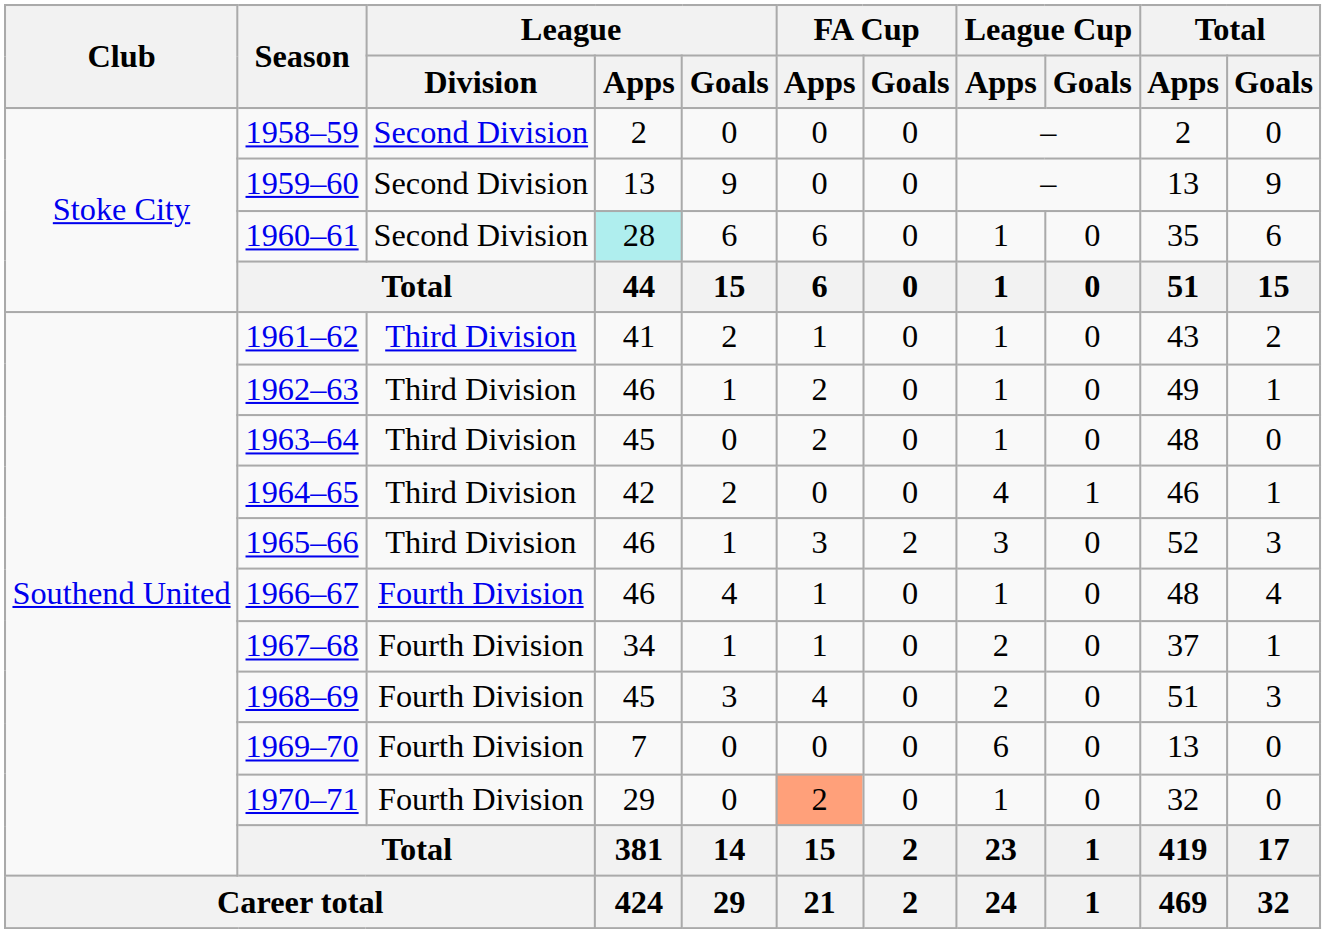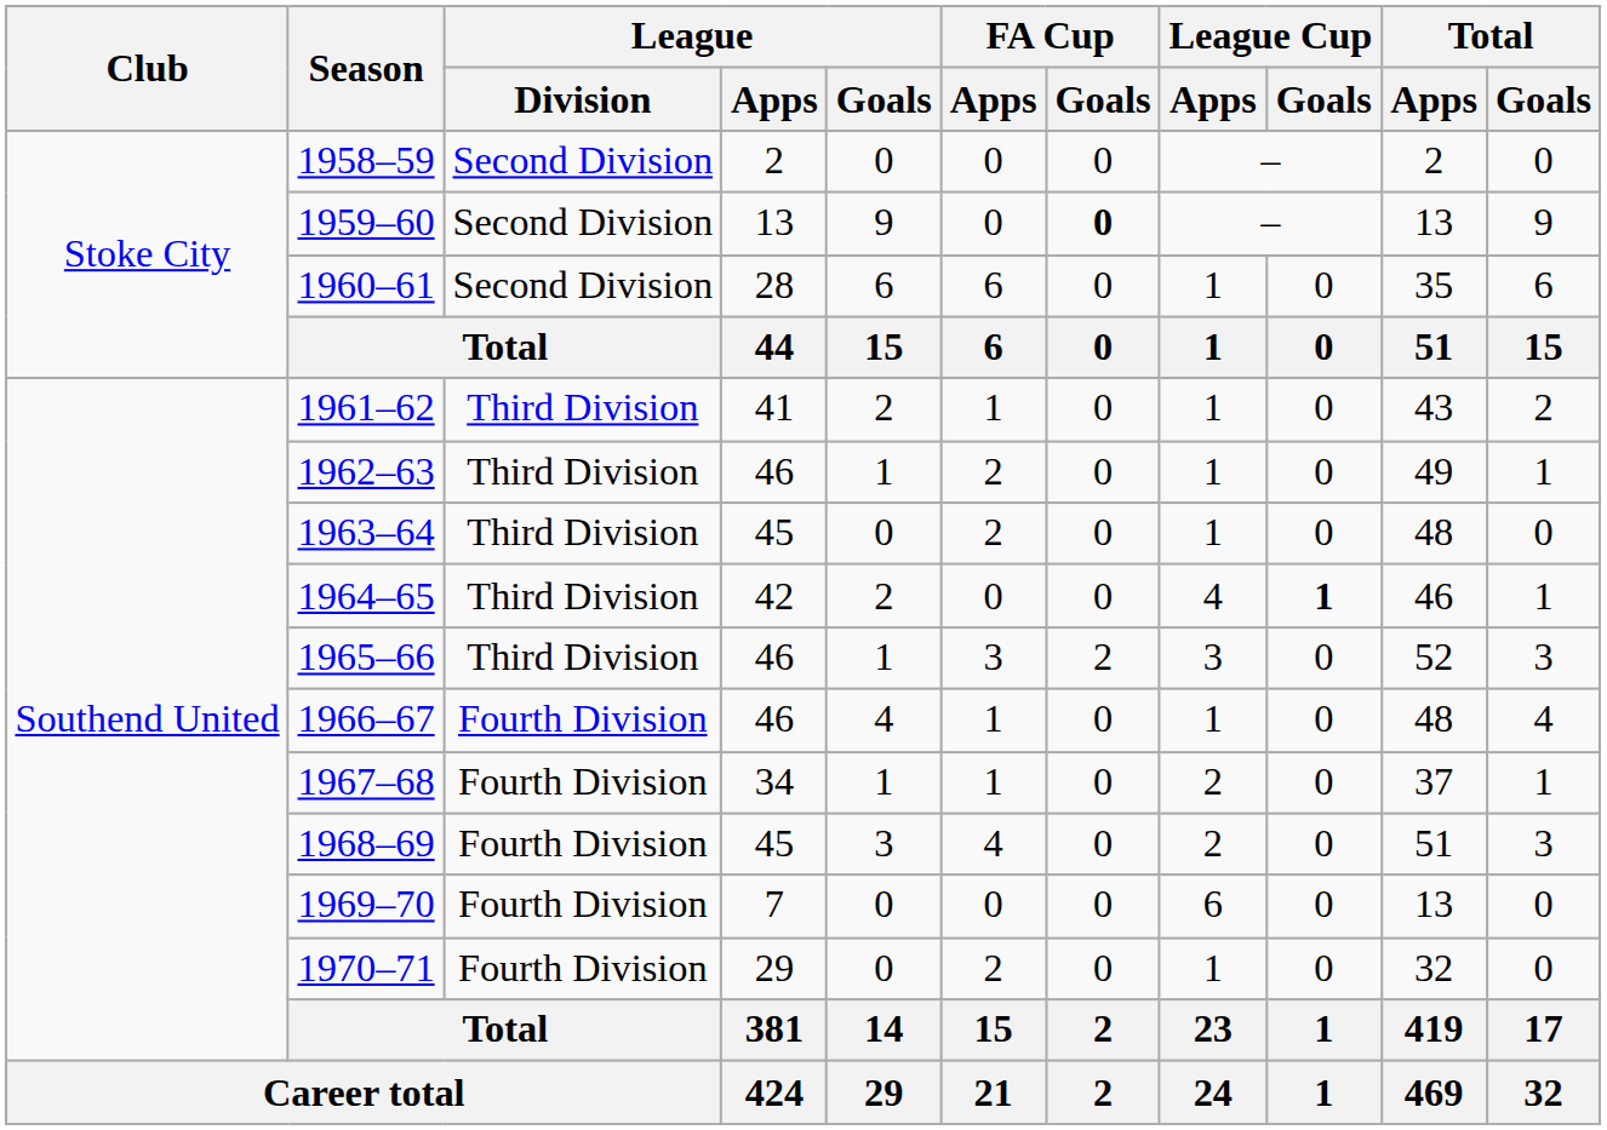 <table class="wikitable" style="text-align:center">
 <tr>
 <th rowspan="2">Club</th>
 <th rowspan="2">Season</th>
 <th colspan="3">League</th>
 <th colspan="2">FA Cup</th>
 <th colspan="2">League Cup</th>
 <th colspan="2">Total</th>
 </tr>
 <tr>
 <th>Division</th>
 <th>Apps</th>
 <th>Goals</th>
 <th>Apps</th>
 <th>Goals</th>
 <th>Apps</th>
 <th>Goals</th>
 <th>Apps</th>
 <th>Goals</th>
 </tr>
 <tr>
 <td rowspan="4"><a href='#'>Stoke City</a></td>
 <td><a href='#'>1958–59</a></td>
 <td><a href='#'>Second Division</a></td>
 <td>2</td>
 <td>0</td>
 <td>0</td>
 <td>0</td>
 <td colspan="2">–</td>
 <td>2</td>
 <td>0</td>
 </tr>
 <tr>
 <td><a href='#'>1959–60</a></td>
 <td>Second Division</td>
 <td>13</td>
 <td>9</td>
 <td>0</td>
-<td>0</td>
+<td><strong>0</strong></td>
 <td colspan="2">–</td>
 <td>13</td>
 <td>9</td>
 </tr>
 <tr>
 <td><a href='#'>1960–61</a></td>
 <td>Second Division</td>
-<td style="background: paleturquoise;">28</td>
+<td>28</td>
 <td>6</td>
 <td>6</td>
 <td>0</td>
 <td>1</td>
 <td>0</td>
 <td>35</td>
 <td>6</td>
 </tr>
 <tr>
 <th colspan="2">Total</th>
 <th>44</th>
 <th>15</th>
 <th>6</th>
 <th>0</th>
 <th>1</th>
 <th>0</th>
 <th>51</th>
 <th>15</th>
 </tr>
 <tr>
 <td rowspan="11"><a href='#'>Southend United</a></td>
 <td><a href='#'>1961–62</a></td>
 <td><a href='#'>Third Division</a></td>
 <td>41</td>
 <td>2</td>
 <td>1</td>
 <td>0</td>
 <td>1</td>
 <td>0</td>
 <td>43</td>
 <td>2</td>
 </tr>
 <tr>
 <td><a href='#'>1962–63</a></td>
 <td>Third Division</td>
 <td>46</td>
 <td>1</td>
 <td>2</td>
 <td>0</td>
 <td>1</td>
 <td>0</td>
 <td>49</td>
 <td>1</td>
 </tr>
 <tr>
 <td><a href='#'>1963–64</a></td>
 <td>Third Division</td>
 <td>45</td>
 <td>0</td>
 <td>2</td>
 <td>0</td>
 <td>1</td>
 <td>0</td>
 <td>48</td>
 <td>0</td>
 </tr>
 <tr>
 <td><a href='#'>1964–65</a></td>
 <td>Third Division</td>
 <td>42</td>
 <td>2</td>
 <td>0</td>
 <td>0</td>
 <td>4</td>
-<td>1</td>
+<td><strong>1</strong></td>
 <td>46</td>
 <td>1</td>
 </tr>
 <tr>
 <td><a href='#'>1965–66</a></td>
 <td>Third Division</td>
 <td>46</td>
 <td>1</td>
 <td>3</td>
 <td>2</td>
 <td>3</td>
 <td>0</td>
 <td>52</td>
 <td>3</td>
 </tr>
 <tr>
 <td><a href='#'>1966–67</a></td>
 <td><a href='#'>Fourth Division</a></td>
 <td>46</td>
 <td>4</td>
 <td>1</td>
 <td>0</td>
 <td>1</td>
 <td>0</td>
 <td>48</td>
 <td>4</td>
 </tr>
 <tr>
 <td><a href='#'>1967–68</a></td>
 <td>Fourth Division</td>
 <td>34</td>
 <td>1</td>
 <td>1</td>
 <td>0</td>
 <td>2</td>
 <td>0</td>
 <td>37</td>
 <td>1</td>
 </tr>
 <tr>
 <td><a href='#'>1968–69</a></td>
 <td>Fourth Division</td>
 <td>45</td>
 <td>3</td>
 <td>4</td>
 <td>0</td>
 <td>2</td>
 <td>0</td>
 <td>51</td>
 <td>3</td>
 </tr>
 <tr>
 <td><a href='#'>1969–70</a></td>
 <td>Fourth Division</td>
 <td>7</td>
 <td>0</td>
 <td>0</td>
 <td>0</td>
 <td>6</td>
 <td>0</td>
 <td>13</td>
 <td>0</td>
 </tr>
 <tr>
 <td><a href='#'>1970–71</a></td>
 <td>Fourth Division</td>
 <td>29</td>
 <td>0</td>
-<td style="background: lightsalmon;">2</td>
+<td>2</td>
 <td>0</td>
 <td>1</td>
 <td>0</td>
 <td>32</td>
 <td>0</td>
 </tr>
 <tr>
 <th colspan="2">Total</th>
 <th>381</th>
 <th>14</th>
 <th>15</th>
 <th>2</th>
 <th>23</th>
 <th>1</th>
 <th>419</th>
 <th>17</th>
 </tr>
 <tr>
 <th colspan="3">Career total</th>
 <th>424</th>
 <th>29</th>
 <th>21</th>
 <th>2</th>
 <th>24</th>
 <th>1</th>
 <th>469</th>
 <th>32</th>
 </tr>
 </table>
